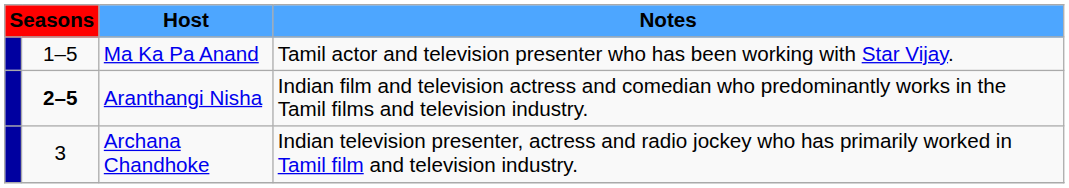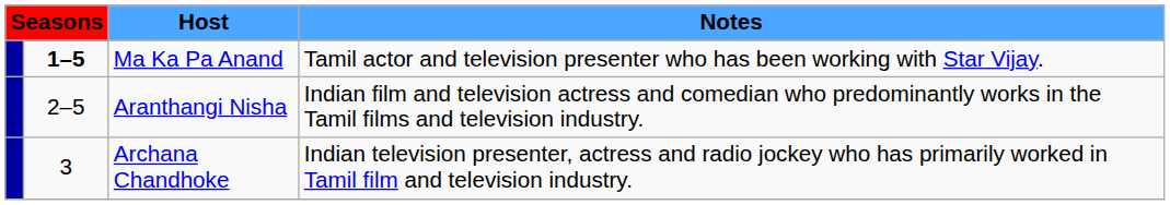 <table class="wikitable" width="65%">
 <tr>
 <th scope="col" style ="background: #FF0000;"style="background: #0000A0 ;color:white"  colspan="2">Seasons</th>
 <th scope="col" style ="background: #4da6ff;"style="background: #0000A0 ;color:white">Host</th>
 <th scope="col" style ="background: #4da6ff;"style="background: #0000A0 ;color:white">Notes</th>
 </tr>
 <tr>
 <td style="background: #0000A0"></td>
-<td rowspan="1"align="center">1–5</td>
+<td rowspan="1"align="center"><strong>1–5</strong></td>
 <td><a href='#'>Ma Ka Pa Anand</a></td>
 <td>Tamil actor and television presenter who has been working with <a href='#'>Star Vijay</a>.</td>
 </tr>
 <tr>
 <td style="background: #0000A0"></td>
-<td rowspan="1"align="center"><strong>2–5</strong></td>
+<td rowspan="1"align="center">2–5</td>
 <td><a href='#'>Aranthangi Nisha</a></td>
 <td>Indian film and television actress and comedian who predominantly works in the Tamil films and television industry.</td>
 </tr>
 <tr>
 <td style="background: #0000A0"></td>
 <td rowspan="1"align="center">3</td>
 <td><a href='#'>Archana Chandhoke</a></td>
 <td>Indian television presenter, actress and radio jockey who has primarily worked in <a href='#'>Tamil film</a> and television industry.</td>
 </tr>
 <tr>
 </tr>
 </table>
